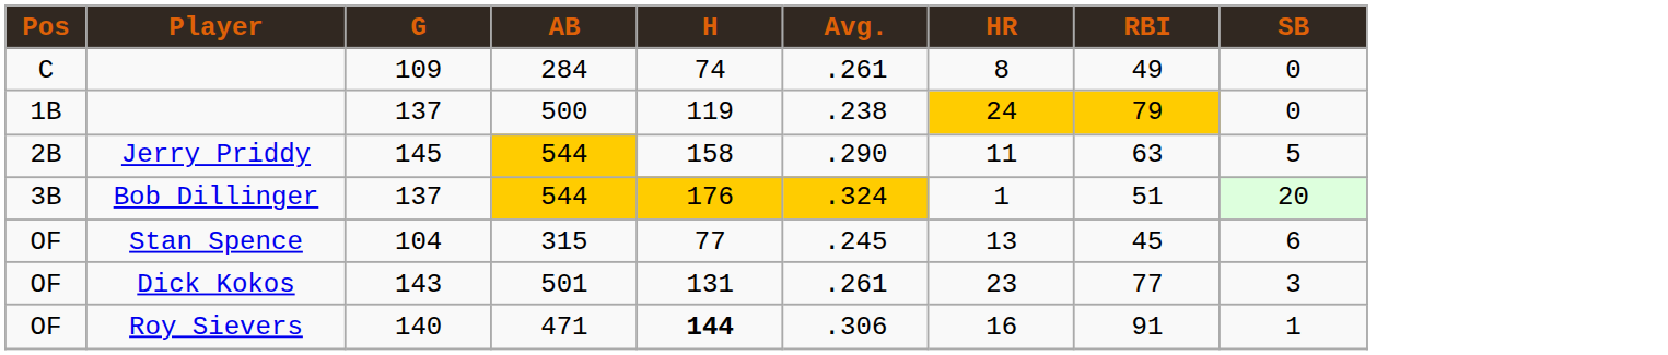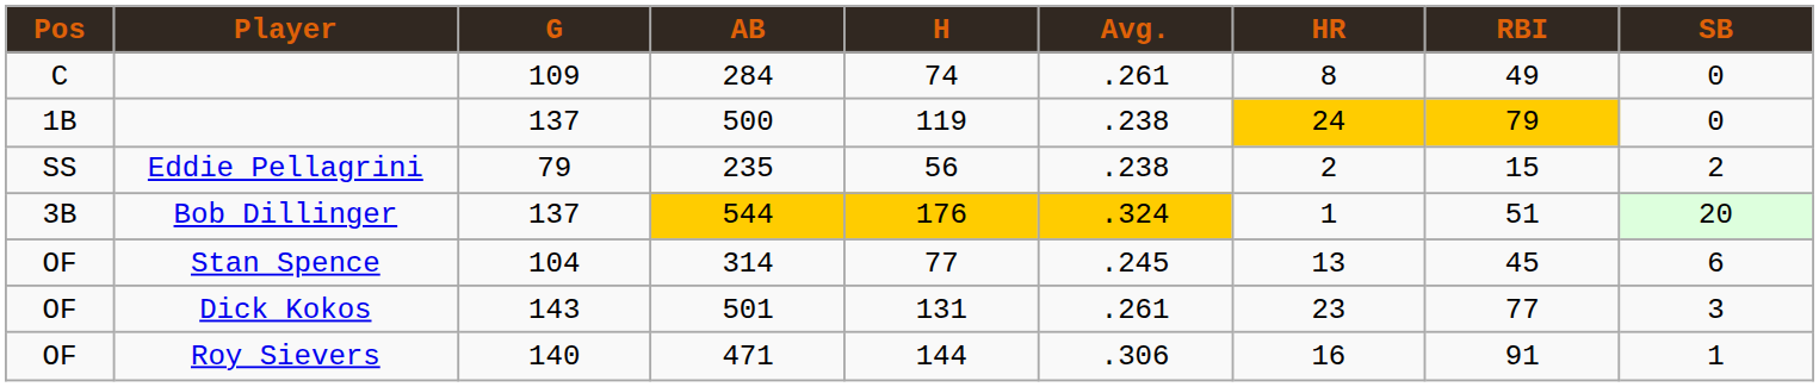 <table class="wikitable sortable">
 <tr>
 <th style="background:#312821;color:#de6108;" width="5%">Pos</th>
 <th style="background:#312821;color:#de6108;" width="16%">Player</th>
 <th style="background:#312821;color:#de6108;" width="9%">G</th>
 <th style="background:#312821;color:#de6108;" width="9%">AB</th>
 <th style="background:#312821;color:#de6108;" width="9%">H</th>
 <th style="background:#312821;color:#de6108;" width="9%">Avg.</th>
 <th style="background:#312821;color:#de6108;" width="9%">HR</th>
 <th style="background:#312821;color:#de6108;" width="9%">RBI</th>
 <th style="background:#312821;color:#de6108;" width="9%">SB</th>
 </tr>
 <tr align="center">
 <td>C</td>
 <td></td>
 <td>109</td>
 <td>284</td>
 <td>74</td>
 <td>.261</td>
 <td>8</td>
 <td>49</td>
 <td>0</td>
 </tr>
 <tr align="center">
 <td>1B</td>
 <td></td>
 <td>137</td>
 <td>500</td>
 <td>119</td>
 <td>.238</td>
 <td style="background:#fc0;">24</td>
 <td style="background:#fc0;">79</td>
 <td>0</td>
 </tr>
-<tr align="center">
-<td>2B</td>
-<td><a href='#'>Jerry Priddy</a></td>
-<td>145</td>
-<td style="background:#fc0;">544</td>
-<td>158</td>
-<td>.290</td>
-<td>11</td>
-<td>63</td>
-<td>5</td>
+<tr align=center>
+<td>SS</td>
+<td><a href='#'>Eddie Pellagrini</a></td>
+<td>79</td>
+<td>235</td>
+<td>56</td>
+<td>.238</td>
+<td>2</td>
+<td>15</td>
+<td>2</td>
 </tr>
 <tr align=center>
 <td>3B</td>
 <td><a href='#'>Bob Dillinger</a></td>
 <td>137</td>
 <td style="background:#fc0;">544</td>
 <td style="background:#fc0;">176</td>
 <td style="background:#fc0;">.324</td>
 <td>1</td>
 <td>51</td>
 <td style="background:#DDFFDD;">20</td>
 </tr>
 <tr align=center>
 <td>OF</td>
 <td><a href='#'>Stan Spence</a></td>
 <td>104</td>
-<td>315</td>
+<td>314</td>
 <td>77</td>
 <td>.245</td>
 <td>13</td>
 <td>45</td>
 <td>6</td>
 </tr>
 <tr align=center>
 <td>OF</td>
 <td><a href='#'>Dick Kokos</a></td>
 <td>143</td>
 <td>501</td>
 <td>131</td>
 <td>.261</td>
 <td>23</td>
 <td>77</td>
 <td>3</td>
 </tr>
 <tr align=center>
 <td>OF</td>
 <td><a href='#'>Roy Sievers</a></td>
 <td>140</td>
 <td>471</td>
-<td><strong>144</strong></td>
+<td>144</td>
 <td>.306</td>
 <td>16</td>
 <td>91</td>
 <td>1</td>
 </tr>
 </table>
